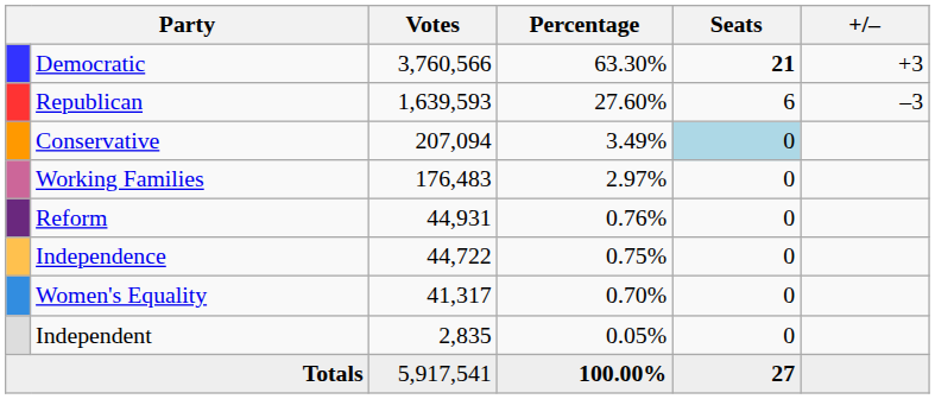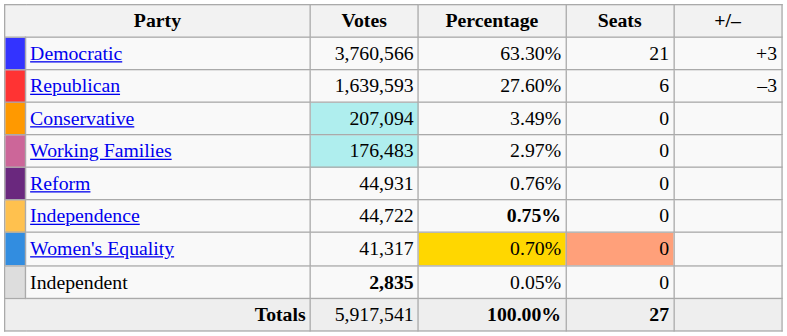 <table class="wikitable" style="font-size: 95%;">
 <tr style="background:#eee; text-align:center;">
 <th colspan=2 style="width: 15em">Party</th>
 <th style="width: 5em">Votes</th>
 <th style="width: 7em">Percentage</th>
 <th style="width: 5em">Seats</th>
 <th style="width: 5em">+/–</th>
 </tr>
 <tr>
 <th style="background:#33f; width:3px;"></th>
 <td style="width: 130px"><a href='#'>Democratic</a></td>
 <td style="text-align:right;">3,760,566</td>
 <td style="text-align:right;">63.30%</td>
-<td style="text-align:right;"><strong>21</strong></td>
+<td style="text-align:right;">21</td>
 <td style="text-align:right;">+3</td>
 </tr>
 <tr>
 <th style="background:#f33; width:3px;"></th>
 <td style="width: 130px"><a href='#'>Republican</a></td>
 <td style="text-align:right;">1,639,593</td>
 <td style="text-align:right;">27.60%</td>
 <td style="text-align:right;">6</td>
 <td style="text-align:right;">–3</td>
 </tr>
 <tr>
 <th style="background:#f90; width:3px;"></th>
 <td style="width: 130px"><a href='#'>Conservative</a></td>
-<td style="text-align:right;">207,094</td>
+<td style="background: paleturquoise; text-align:right;">207,094</td>
 <td style="text-align:right;">3.49%</td>
-<td style="background: lightblue; text-align:right;">0</td>
+<td style="text-align:right;">0</td>
 <td style="text-align:right;"></td>
 </tr>
 <tr>
 <th style="background:#c69; width:3px;"></th>
 <td style="width: 130px"><a href='#'>Working Families</a></td>
-<td style="text-align:right;">176,483</td>
+<td style="background: paleturquoise; text-align:right;">176,483</td>
 <td style="text-align:right;">2.97%</td>
 <td style="text-align:right;">0</td>
 <td style="text-align:right;"></td>
 </tr>
 <tr>
 <th style="background:#6A287E; width:3px;"></th>
 <td style="width: 130px"><a href='#'>Reform</a></td>
 <td style="text-align:right;">44,931</td>
 <td style="text-align:right;">0.76%</td>
 <td style="text-align:right;">0</td>
 <td style="text-align:right;"></td>
 </tr>
 <tr>
 <th style="background:#FFC14E; width:3px;"></th>
 <td style="width: 130px"><a href='#'>Independence</a></td>
 <td style="text-align:right;">44,722</td>
-<td style="text-align:right;">0.75%</td>
+<td style="text-align:right;"><strong>0.75%</strong></td>
 <td style="text-align:right;">0</td>
 <td style="text-align:right;"></td>
 </tr>
 <tr>
 <th style="background:#328DE0; width:3px;"></th>
 <td style="width: 130px"><a href='#'>Women's Equality</a></td>
 <td style="text-align:right;">41,317</td>
-<td style="text-align:right;">0.70%</td>
-<td style="text-align:right;">0</td>
+<td style="background: gold; text-align:right;">0.70%</td>
+<td style="background: lightsalmon; text-align:right;">0</td>
 <td style="text-align:right;"></td>
 </tr>
 <tr>
 <th style="background:#ddd; width:3px;"></th>
 <td style="width: 130px">Independent</td>
-<td style="text-align:right;">2,835</td>
+<td style="text-align:right;"><strong>2,835</strong></td>
 <td style="text-align:right;">0.05%</td>
 <td style="text-align:right;">0</td>
 <td style="text-align:right;"></td>
 </tr>
 <tr style="background:#eee; text-align:right;">
 <td colspan="2"><strong>Totals</strong></td>
 <td>5,917,541</td>
 <td><strong>100.00%</strong></td>
 <td><strong>27</strong></td>
 <td></td>
 </tr>
 </table>
